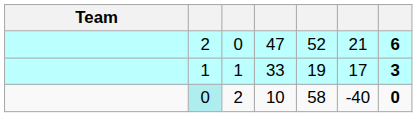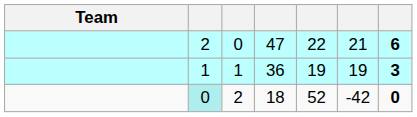 <table class="wikitable" style="text-align:center;">
 <tr>
 <th style="width:10.5em;">Team</th>
 <th style="width:1.5em;"></th>
 <th style="width:1.5em;"></th>
 <th style="width:2.0em;"></th>
 <th style="width:2.0em;"></th>
 <th style="width:2.0em;"></th>
 <th style="width:1.5em;"></th>
 </tr>
 <tr bgcolor=#bff>
 <td align="left"></td>
 <td>2</td>
 <td>0</td>
 <td>47</td>
-<td>52</td>
+<td>22</td>
 <td>21</td>
 <td><strong>6</strong></td>
 </tr>
 <tr bgcolor=#bff>
 <td align="left"></td>
 <td>1</td>
 <td>1</td>
-<td>33</td>
+<td>36</td>
 <td>19</td>
-<td>17</td>
+<td>19</td>
 <td><strong>3</strong></td>
 </tr>
 <tr>
 <td align="left"></td>
 <td style="background: paleturquoise;">0</td>
 <td>2</td>
-<td>10</td>
-<td>58</td>
-<td>-40</td>
+<td>18</td>
+<td>52</td>
+<td>-42</td>
 <td><strong>0</strong></td>
 </tr>
 </table>
